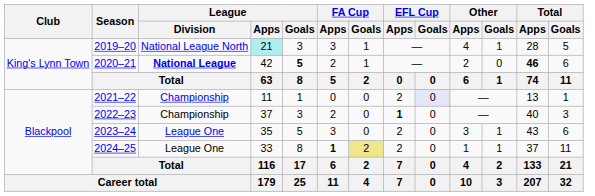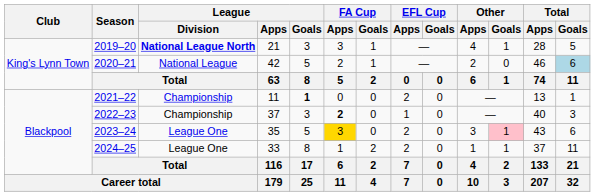 <table class="wikitable" style="text-align: center;">
 <tr>
 <th rowspan="2">Club</th>
 <th rowspan="2">Season</th>
 <th colspan="3">League</th>
 <th colspan="2"><a href='#'>FA Cup</a></th>
 <th colspan="2"><a href='#'>EFL Cup</a></th>
 <th colspan="2">Other</th>
 <th colspan="2">Total</th>
 </tr>
 <tr>
 <th>Division</th>
 <th>Apps</th>
 <th>Goals</th>
 <th>Apps</th>
 <th>Goals</th>
 <th>Apps</th>
 <th>Goals</th>
 <th>Apps</th>
 <th>Goals</th>
 <th>Apps</th>
 <th>Goals</th>
 </tr>
 <tr>
 <td rowspan=3><a href='#'>King's Lynn Town</a></td>
 <td><a href='#'>2019–20</a></td>
-<td><a href='#'>National League North</a></td>
-<td style="background: paleturquoise;">21</td>
+<td><strong><a href='#'>National League North</a></strong></td>
+<td>21</td>
 <td>3</td>
 <td>3</td>
 <td>1</td>
 <td colspan="2">—</td>
 <td>4</td>
 <td>1</td>
 <td>28</td>
 <td>5</td>
 </tr>
 <tr>
 <td><a href='#'>2020–21</a></td>
-<td><strong><a href='#'>National League</a></strong></td>
+<td><a href='#'>National League</a></td>
 <td>42</td>
-<td><strong>5</strong></td>
+<td>5</td>
 <td>2</td>
 <td>1</td>
 <td colspan="2">—</td>
 <td>2</td>
 <td>0</td>
-<td><strong>46</strong></td>
-<td>6</td>
+<td>46</td>
+<td style="background: lightblue;">6</td>
 </tr>
 <tr>
 <th colspan=2>Total</th>
 <th>63</th>
 <th>8</th>
 <th>5</th>
 <th>2</th>
 <th>0</th>
 <th>0</th>
 <th>6</th>
 <th>1</th>
 <th>74</th>
 <th>11</th>
 </tr>
 <tr>
 <td rowspan=5><a href='#'>Blackpool</a></td>
 <td><a href='#'>2021–22</a></td>
 <td><a href='#'>Championship</a></td>
 <td>11</td>
-<td>1</td>
+<td><strong>1</strong></td>
 <td>0</td>
 <td>0</td>
 <td>2</td>
-<td style="background: lavender;">0</td>
+<td>0</td>
 <td colspan="2">—</td>
 <td>13</td>
 <td>1</td>
 </tr>
 <tr>
 <td><a href='#'>2022–23</a></td>
 <td>Championship</td>
 <td>37</td>
 <td>3</td>
-<td>2</td>
+<td><strong>2</strong></td>
 <td>0</td>
-<td><strong>1</strong></td>
+<td>1</td>
 <td>0</td>
 <td colspan="2">—</td>
 <td>40</td>
 <td>3</td>
 </tr>
 <tr>
 <td><a href='#'>2023–24</a></td>
 <td><a href='#'>League One</a></td>
 <td>35</td>
 <td>5</td>
-<td>3</td>
+<td style="background: gold;">3</td>
 <td>0</td>
 <td>2</td>
 <td>0</td>
 <td>3</td>
-<td>1</td>
+<td style="background: pink;">1</td>
 <td>43</td>
 <td>6</td>
 </tr>
 <tr>
 <td><a href='#'>2024–25</a></td>
 <td>League One</td>
 <td>33</td>
 <td>8</td>
-<td><strong>1</strong></td>
-<td style="background: khaki;">2</td>
+<td>1</td>
+<td>2</td>
 <td>2</td>
 <td>0</td>
 <td>1</td>
 <td>1</td>
 <td>37</td>
 <td>11</td>
 </tr>
 <tr>
 <th colspan=2>Total</th>
 <th>116</th>
 <th>17</th>
 <th>6</th>
 <th>2</th>
 <th>7</th>
 <th>0</th>
 <th>4</th>
 <th>2</th>
 <th>133</th>
 <th>21</th>
 </tr>
 <tr>
 <th colspan="3">Career total</th>
 <th>179</th>
 <th>25</th>
 <th>11</th>
 <th>4</th>
 <th>7</th>
 <th>0</th>
 <th>10</th>
 <th>3</th>
 <th>207</th>
 <th>32</th>
 </tr>
 </table>
